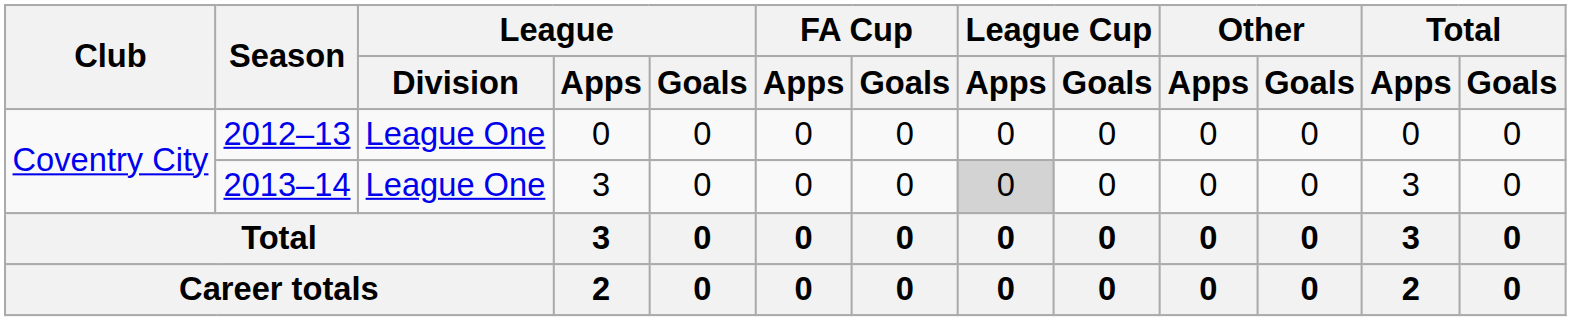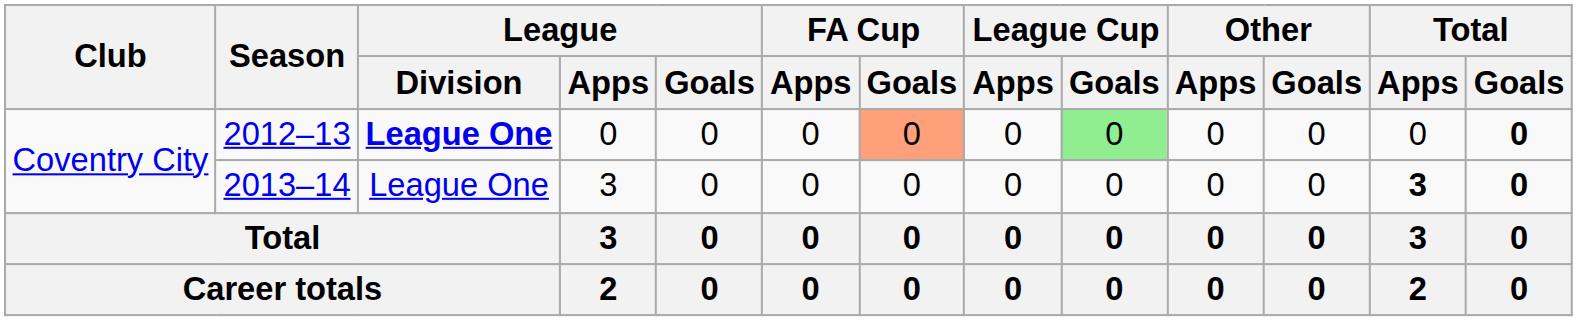 <table class="wikitable" style="text-align: center;">
 <tr>
 <th rowspan="2">Club</th>
 <th rowspan="2">Season</th>
 <th colspan="3">League</th>
 <th colspan="2">FA Cup</th>
 <th colspan="2">League Cup</th>
 <th colspan="2">Other</th>
 <th colspan="2">Total</th>
 </tr>
 <tr>
 <th>Division</th>
 <th>Apps</th>
 <th>Goals</th>
 <th>Apps</th>
 <th>Goals</th>
 <th>Apps</th>
 <th>Goals</th>
 <th>Apps</th>
 <th>Goals</th>
 <th>Apps</th>
 <th>Goals</th>
 </tr>
 <tr>
 <td rowspan="2" valign="center"><a href='#'>Coventry City</a></td>
 <td><a href='#'>2012–13</a></td>
-<td><a href='#'>League One</a></td>
+<td><strong><a href='#'>League One</a></strong></td>
 <td>0</td>
 <td>0</td>
 <td>0</td>
+<td style="background: lightsalmon;">0</td>
+<td>0</td>
+<td style="background: lightgreen;">0</td>
 <td>0</td>
 <td>0</td>
 <td>0</td>
-<td>0</td>
-<td>0</td>
-<td>0</td>
-<td>0</td>
+<td><strong>0</strong></td>
 </tr>
 <tr>
 <td><a href='#'>2013–14</a></td>
 <td><a href='#'>League One</a></td>
 <td>3</td>
 <td>0</td>
 <td>0</td>
 <td>0</td>
-<td style="background: lightgrey;">0</td>
 <td>0</td>
 <td>0</td>
 <td>0</td>
-<td>3</td>
 <td>0</td>
+<td><strong>3</strong></td>
+<td><strong>0</strong></td>
 </tr>
 <tr>
 <th colspan="3">Total</th>
 <th>3</th>
 <th>0</th>
 <th>0</th>
 <th>0</th>
 <th>0</th>
 <th>0</th>
 <th>0</th>
 <th>0</th>
 <th>3</th>
 <th>0</th>
 </tr>
 <tr>
 <th colspan="3">Career totals</th>
 <th>2</th>
 <th>0</th>
 <th>0</th>
 <th>0</th>
 <th>0</th>
 <th>0</th>
 <th>0</th>
 <th>0</th>
 <th>2</th>
 <th>0</th>
 </tr>
 </table>
